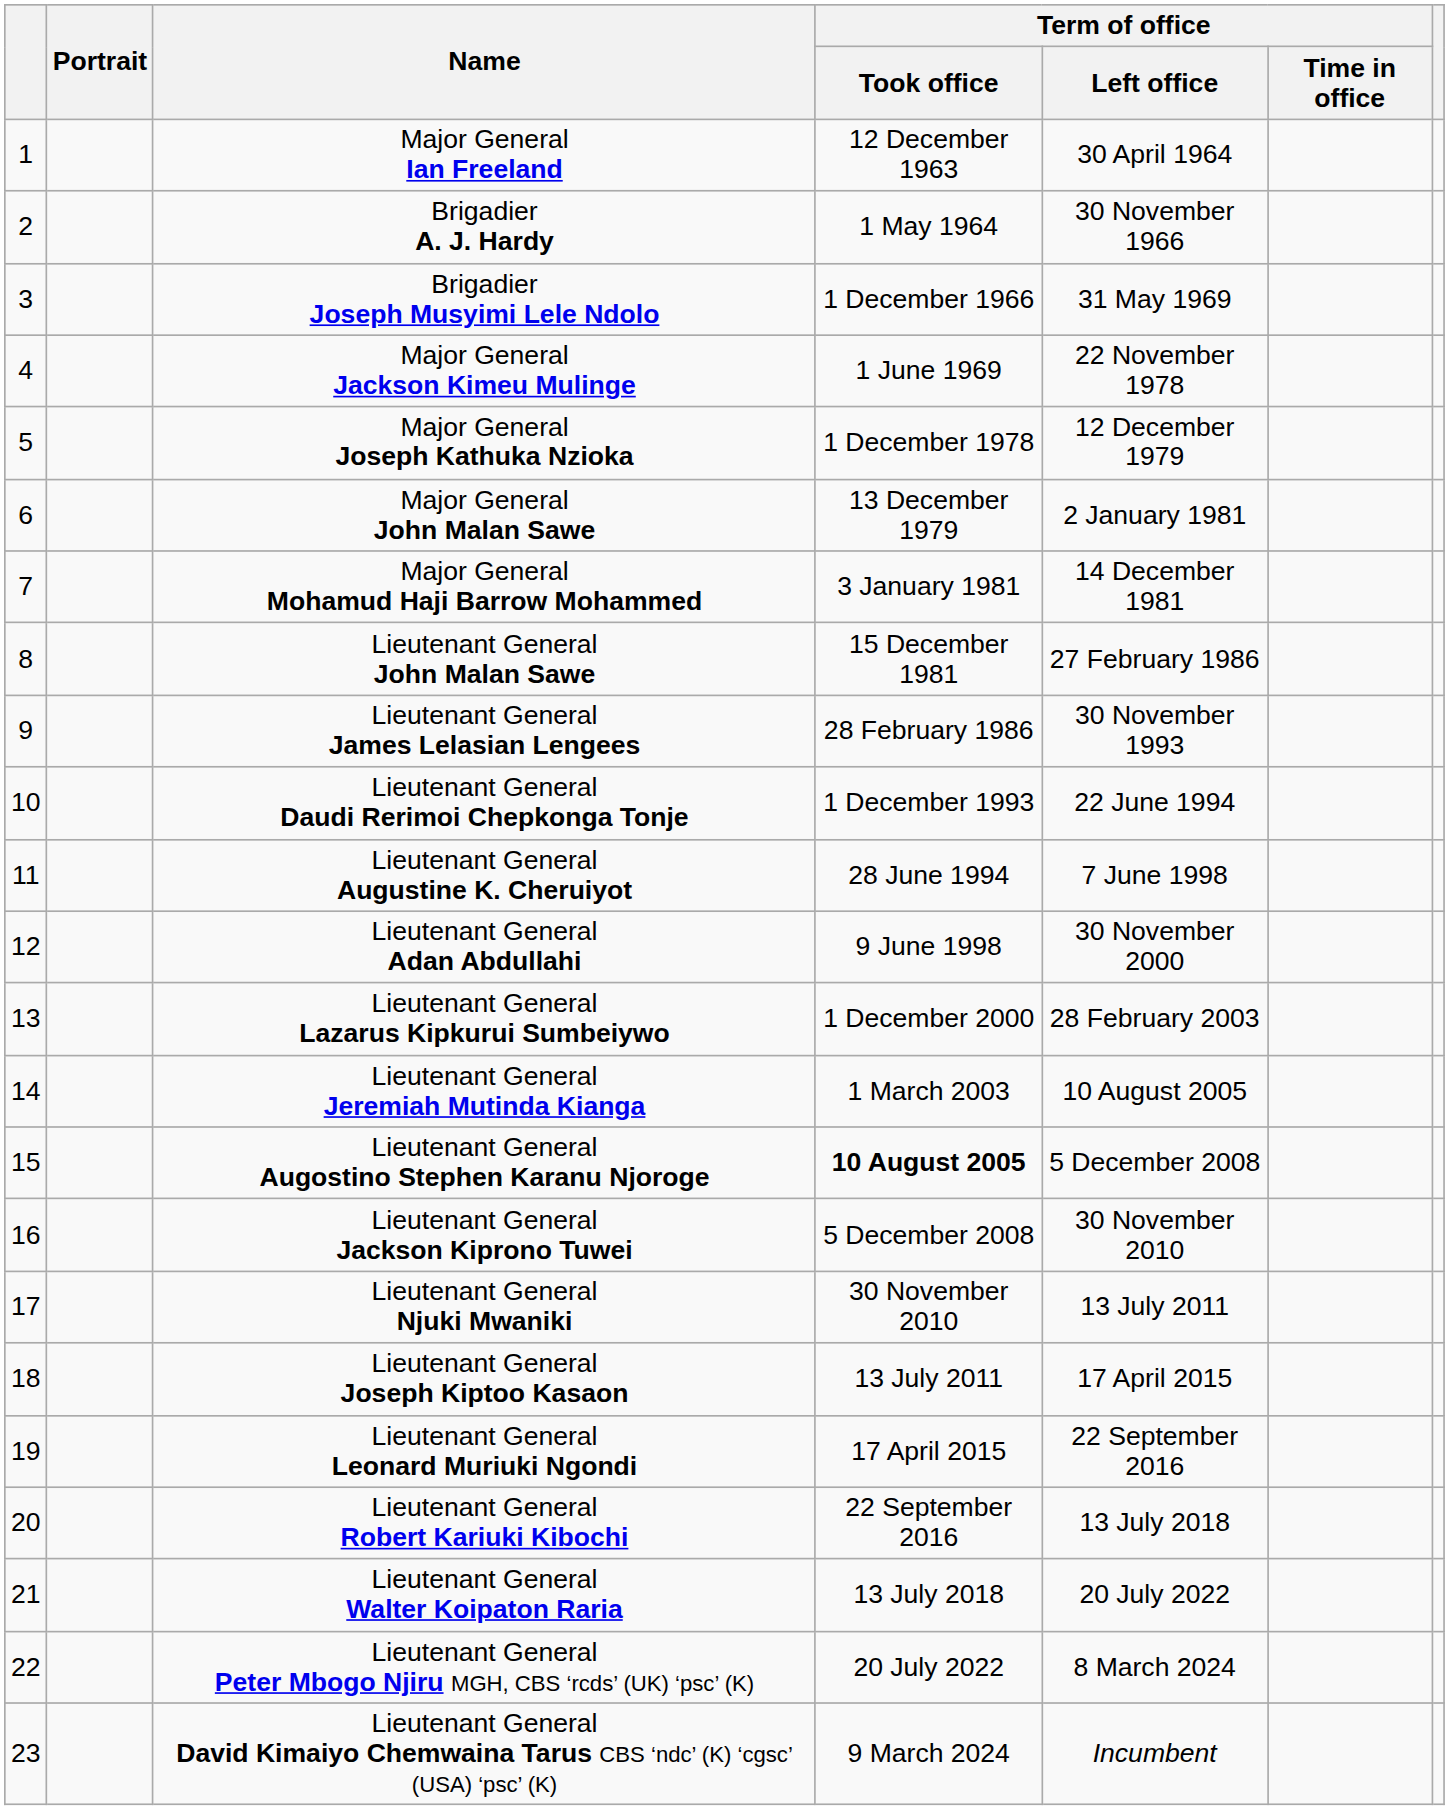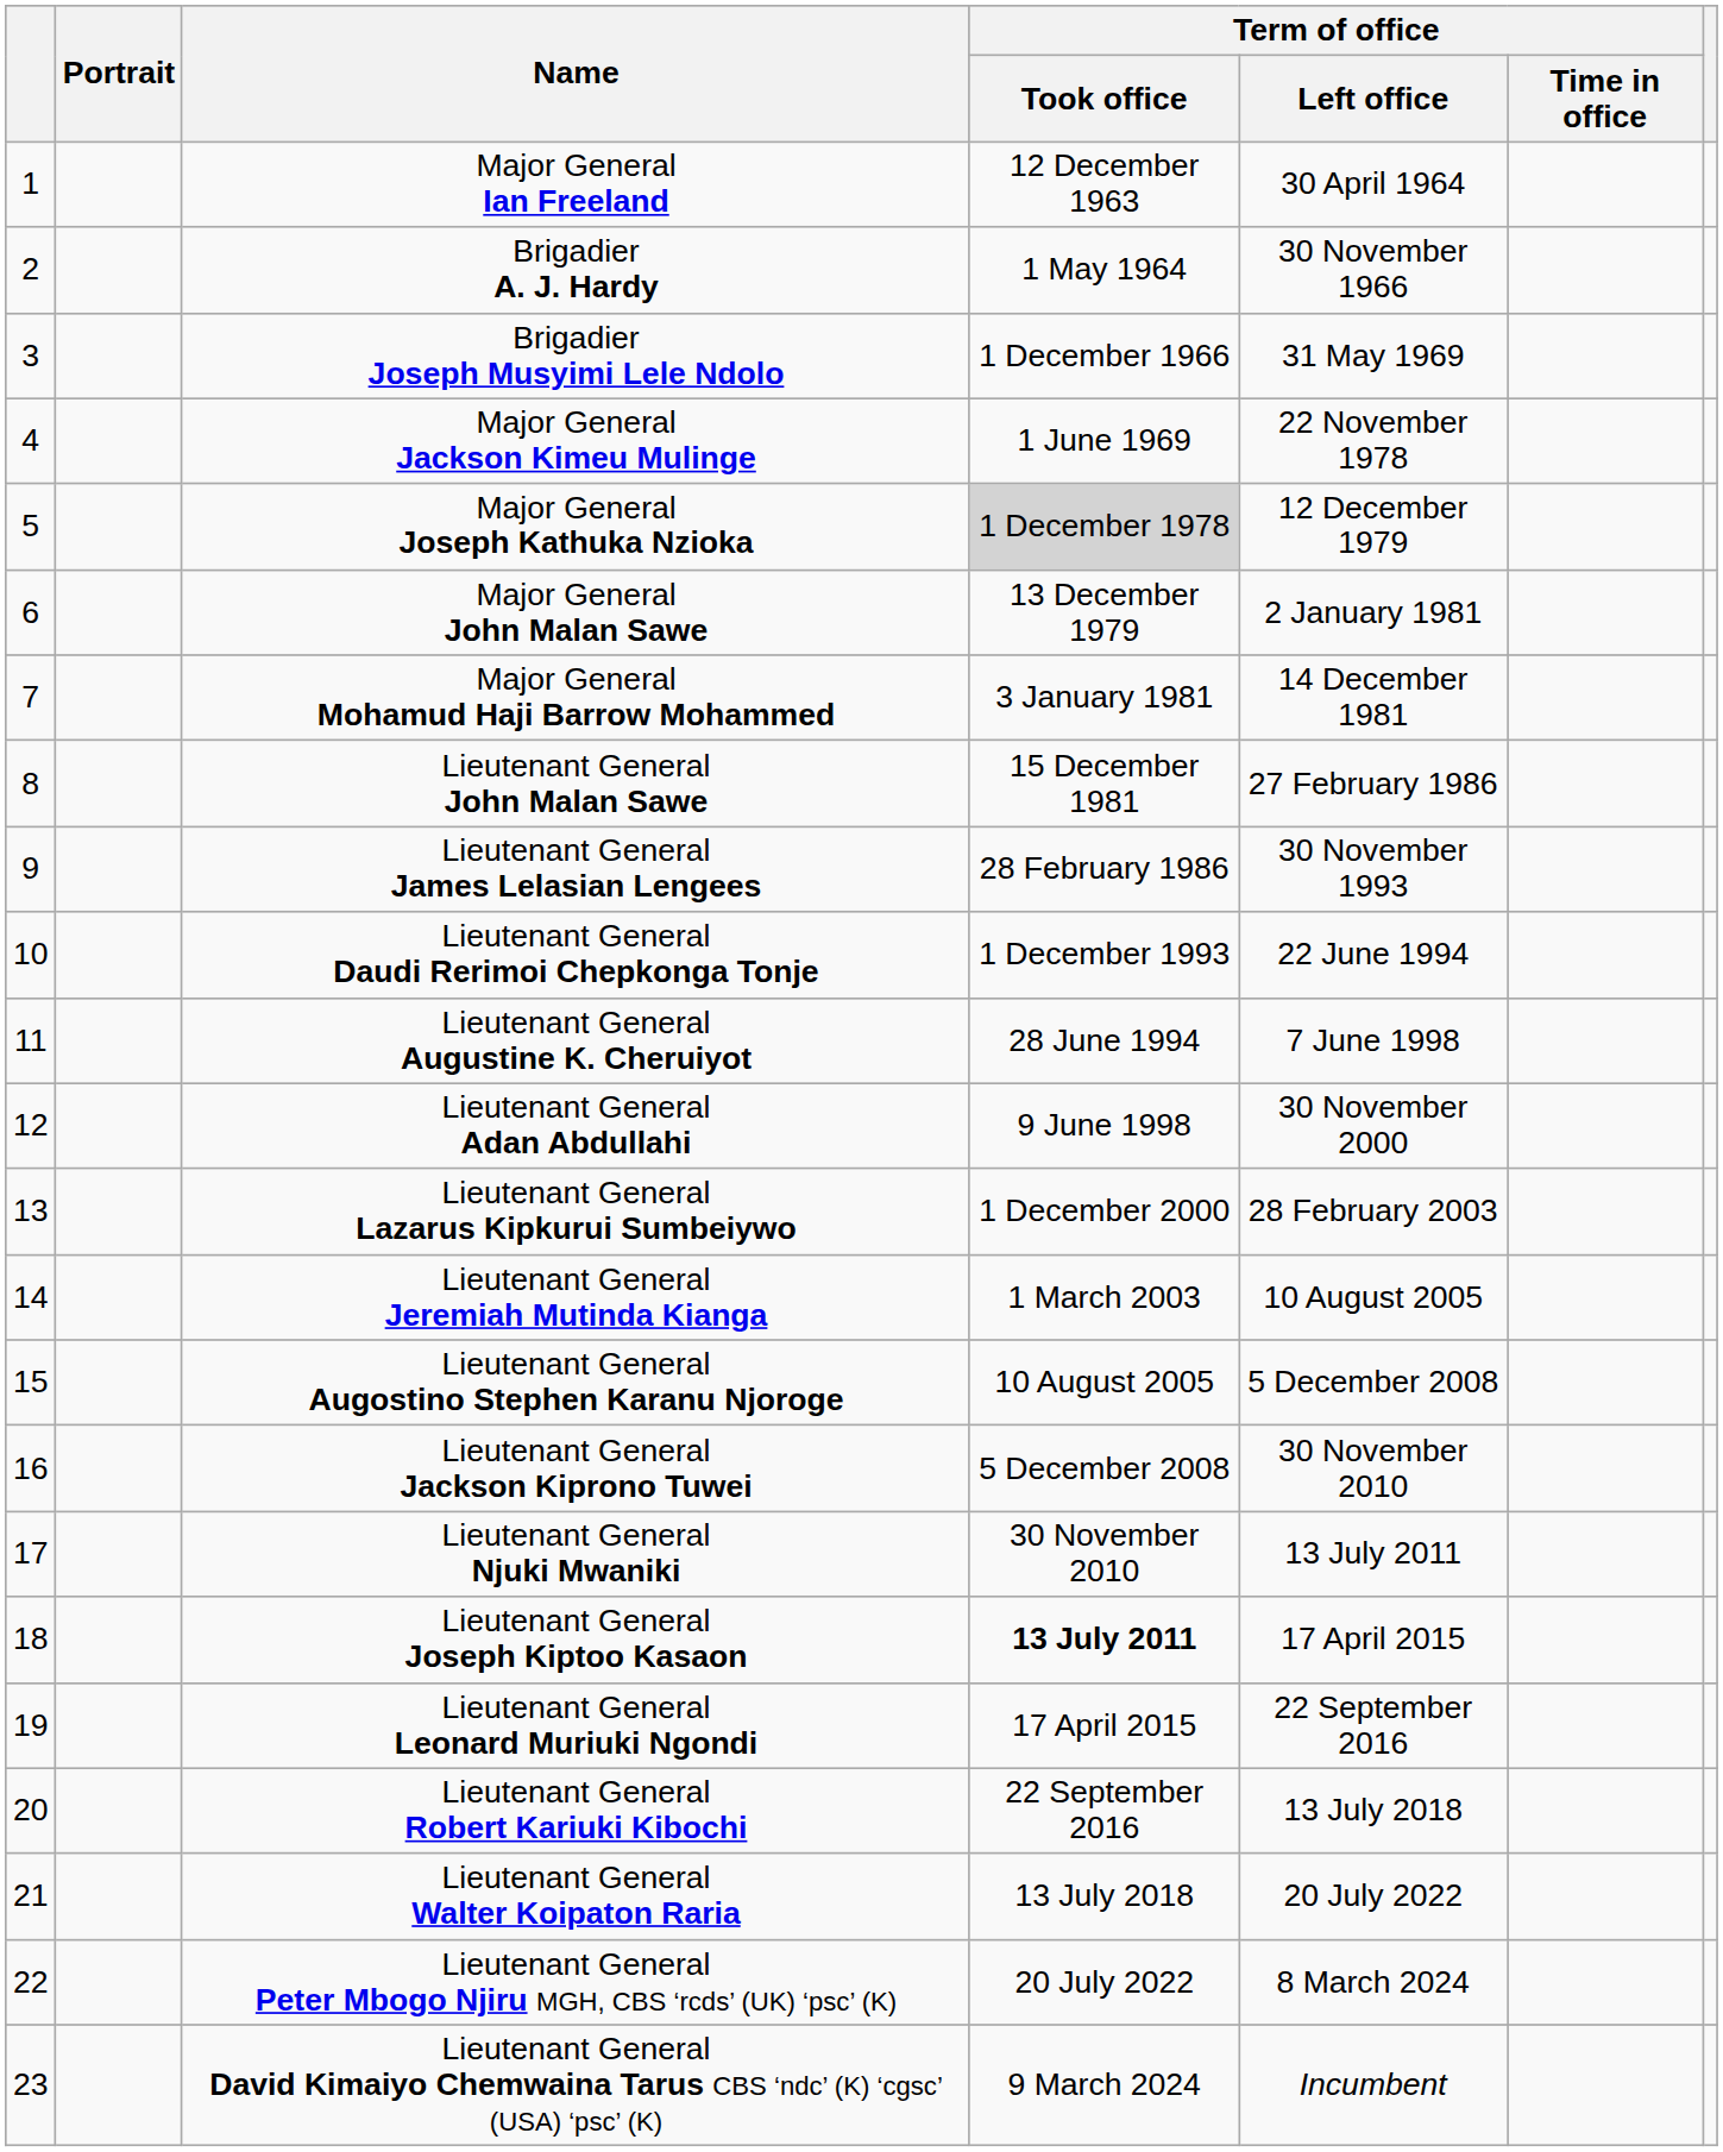 <table class="wikitable" style="text-align:center">
 <tr>
 <th rowspan=2></th>
 <th rowspan=2>Portrait</th>
 <th rowspan=2>Name<br></th>
 <th colspan=3>Term of office</th>
 <th rowspan=2></th>
 </tr>
 <tr>
 <th>Took office</th>
 <th>Left office</th>
 <th>Time in office</th>
 </tr>
 <tr>
 <td>1</td>
 <td></td>
 <td>Major General<br><strong><a href='#'>Ian Freeland</a></strong><br></td>
 <td>12 December 1963</td>
 <td>30 April 1964</td>
 <td></td>
 <td></td>
 </tr>
 <tr>
 <td>2</td>
 <td></td>
 <td>Brigadier<br><strong>A. J. Hardy</strong></td>
 <td>1 May 1964</td>
 <td>30 November 1966</td>
 <td></td>
 <td></td>
 </tr>
 <tr>
 <td>3</td>
 <td></td>
 <td>Brigadier<br><strong><a href='#'>Joseph Musyimi Lele Ndolo</a></strong></td>
 <td>1 December 1966</td>
 <td>31 May 1969</td>
 <td></td>
 <td></td>
 </tr>
 <tr>
 <td>4</td>
 <td></td>
 <td>Major General<br><strong><a href='#'>Jackson Kimeu Mulinge</a></strong><br></td>
 <td>1 June 1969</td>
 <td>22 November 1978</td>
 <td></td>
 <td><br></td>
 </tr>
 <tr>
 <td>5</td>
 <td></td>
 <td>Major General<br><strong>Joseph Kathuka Nzioka</strong></td>
-<td>1 December 1978</td>
+<td style="background: lightgrey;">1 December 1978</td>
 <td>12 December 1979</td>
 <td></td>
 <td></td>
 </tr>
 <tr>
 <td>6</td>
 <td></td>
 <td>Major General<br><strong>John Malan Sawe</strong></td>
 <td>13 December 1979</td>
 <td>2 January 1981</td>
 <td></td>
 <td></td>
 </tr>
 <tr>
 <td>7</td>
 <td></td>
 <td>Major General<br><strong>Mohamud Haji Barrow Mohammed</strong></td>
 <td>3 January 1981</td>
 <td>14 December 1981</td>
 <td></td>
 <td></td>
 </tr>
 <tr>
 <td>8</td>
 <td></td>
 <td>Lieutenant General<br><strong>John Malan Sawe</strong></td>
 <td>15 December 1981</td>
 <td>27 February 1986</td>
 <td></td>
 <td></td>
 </tr>
 <tr>
 <td>9</td>
 <td></td>
 <td>Lieutenant General<br><strong>James Lelasian Lengees</strong></td>
 <td>28 February 1986</td>
 <td>30 November 1993</td>
 <td></td>
 <td></td>
 </tr>
 <tr>
 <td>10</td>
 <td></td>
 <td>Lieutenant General<br><strong>Daudi Rerimoi Chepkonga Tonje</strong></td>
 <td>1 December 1993</td>
 <td>22 June 1994</td>
 <td></td>
 <td></td>
 </tr>
 <tr>
 <td>11</td>
 <td></td>
 <td>Lieutenant General<br><strong>Augustine K. Cheruiyot</strong></td>
 <td>28 June 1994</td>
 <td>7 June 1998</td>
 <td></td>
 <td></td>
 </tr>
 <tr>
 <td>12</td>
 <td></td>
 <td>Lieutenant General<br><strong>Adan Abdullahi</strong></td>
 <td>9 June 1998</td>
 <td>30 November 2000</td>
 <td></td>
 <td></td>
 </tr>
 <tr>
 <td>13</td>
 <td></td>
 <td>Lieutenant General<br><strong>Lazarus Kipkurui Sumbeiywo</strong></td>
 <td>1 December 2000</td>
 <td>28 February 2003</td>
 <td></td>
 <td></td>
 </tr>
 <tr>
 <td>14</td>
 <td></td>
 <td>Lieutenant General<br><strong><a href='#'>Jeremiah Mutinda Kianga</a></strong> </td>
 <td>1 March 2003</td>
 <td>10 August 2005</td>
 <td></td>
 <td></td>
 </tr>
 <tr>
 <td>15</td>
 <td></td>
 <td>Lieutenant General<br><strong>Augostino Stephen Karanu Njoroge</strong> </td>
-<td><strong>10 August 2005</strong></td>
+<td>10 August 2005</td>
 <td>5 December 2008</td>
 <td></td>
 <td></td>
 </tr>
 <tr>
 <td>16</td>
 <td></td>
 <td>Lieutenant General<br><strong>Jackson Kiprono Tuwei</strong></td>
 <td>5 December 2008</td>
 <td>30 November 2010</td>
 <td></td>
 <td></td>
 </tr>
 <tr>
 <td>17</td>
 <td></td>
 <td>Lieutenant General<br><strong>Njuki Mwaniki</strong> </td>
 <td>30 November 2010</td>
 <td>13 July 2011</td>
 <td></td>
 <td></td>
 </tr>
 <tr>
 <td>18</td>
 <td></td>
 <td>Lieutenant General<br><strong>Joseph Kiptoo Kasaon</strong> <br></td>
-<td>13 July 2011</td>
+<td><strong>13 July 2011</strong></td>
 <td>17 April 2015</td>
 <td></td>
 <td></td>
 </tr>
 <tr>
 <td>19</td>
 <td></td>
 <td>Lieutenant General<br><strong>Leonard Muriuki Ngondi</strong> <br></td>
 <td>17 April 2015</td>
 <td>22 September 2016</td>
 <td></td>
 <td></td>
 </tr>
 <tr>
 <td>20</td>
 <td></td>
 <td>Lieutenant General<br><strong><a href='#'>Robert Kariuki Kibochi</a></strong> <br></td>
 <td>22 September 2016</td>
 <td>13 July 2018</td>
 <td></td>
 <td></td>
 </tr>
 <tr>
 <td>21</td>
 <td></td>
 <td>Lieutenant General<br><strong><a href='#'>Walter Koipaton Raria</a></strong> </td>
 <td>13 July 2018</td>
 <td>20 July 2022</td>
 <td></td>
 <td></td>
 </tr>
 <tr>
 <td>22</td>
 <td></td>
 <td>Lieutenant General<br><strong><a href='#'>Peter Mbogo Njiru</a></strong> <small>MGH, CBS ‘rcds’ (UK) ‘psc’ (K)</small></td>
 <td>20 July 2022</td>
 <td>8 March 2024</td>
 <td></td>
 <td></td>
 </tr>
 <tr>
 <td>23</td>
 <td></td>
 <td>Lieutenant General<br><strong>David Kimaiyo Chemwaina Tarus</strong> <small>CBS ‘ndc’ (K) ‘cgsc’ (USA) ‘psc’ (K)</small></td>
 <td>9 March 2024</td>
 <td><em>Incumbent</em></td>
 <td></td>
 <td></td>
 </tr>
 </table>
